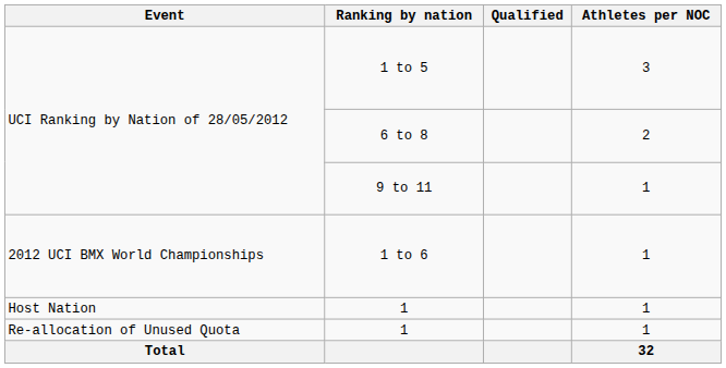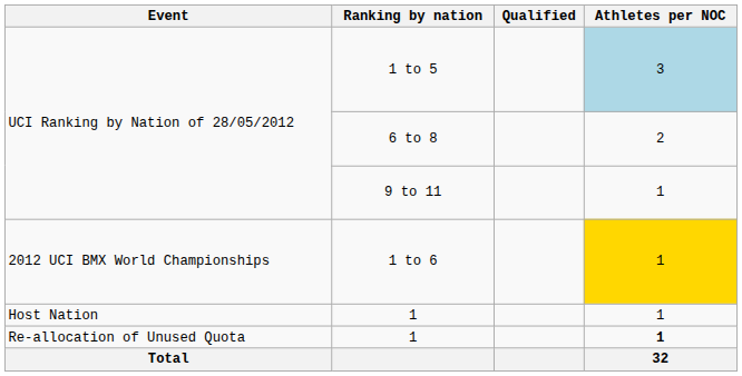 <table class="wikitable"  style="width:700px; text-align:center;">
 <tr>
 <th>Event</th>
 <th>Ranking by nation</th>
 <th>Qualified</th>
 <th>Athletes per NOC</th>
 </tr>
 <tr>
 <td rowspan="3" style="text-align:left;">UCI Ranking by Nation of 28/05/2012</td>
 <td>1 to 5</td>
 <td align="left"><br><br><br><br><br></td>
-<td>3</td>
+<td style="background: lightblue;">3</td>
 </tr>
 <tr>
 <td>6 to 8</td>
 <td align="left"><br><br><br></td>
 <td>2</td>
 </tr>
 <tr>
 <td>9 to 11</td>
 <td align="left"><br><br><br></td>
 <td>1</td>
 </tr>
 <tr>
 <td align="left">2012 UCI BMX World Championships</td>
 <td>1 to 6</td>
 <td align="left"><br><br><br><br><br></td>
-<td>1</td>
+<td style="background: gold;">1</td>
 </tr>
 <tr>
 <td align="left">Host Nation</td>
 <td>1</td>
 <td align="left"></td>
 <td>1</td>
 </tr>
 <tr>
 <td align="left">Re-allocation of Unused Quota</td>
 <td>1</td>
 <td align="left"></td>
-<td>1</td>
+<td><strong>1</strong></td>
 </tr>
 <tr>
 <th>Total</th>
 <th></th>
 <th></th>
 <th>32</th>
 </tr>
 </table>
